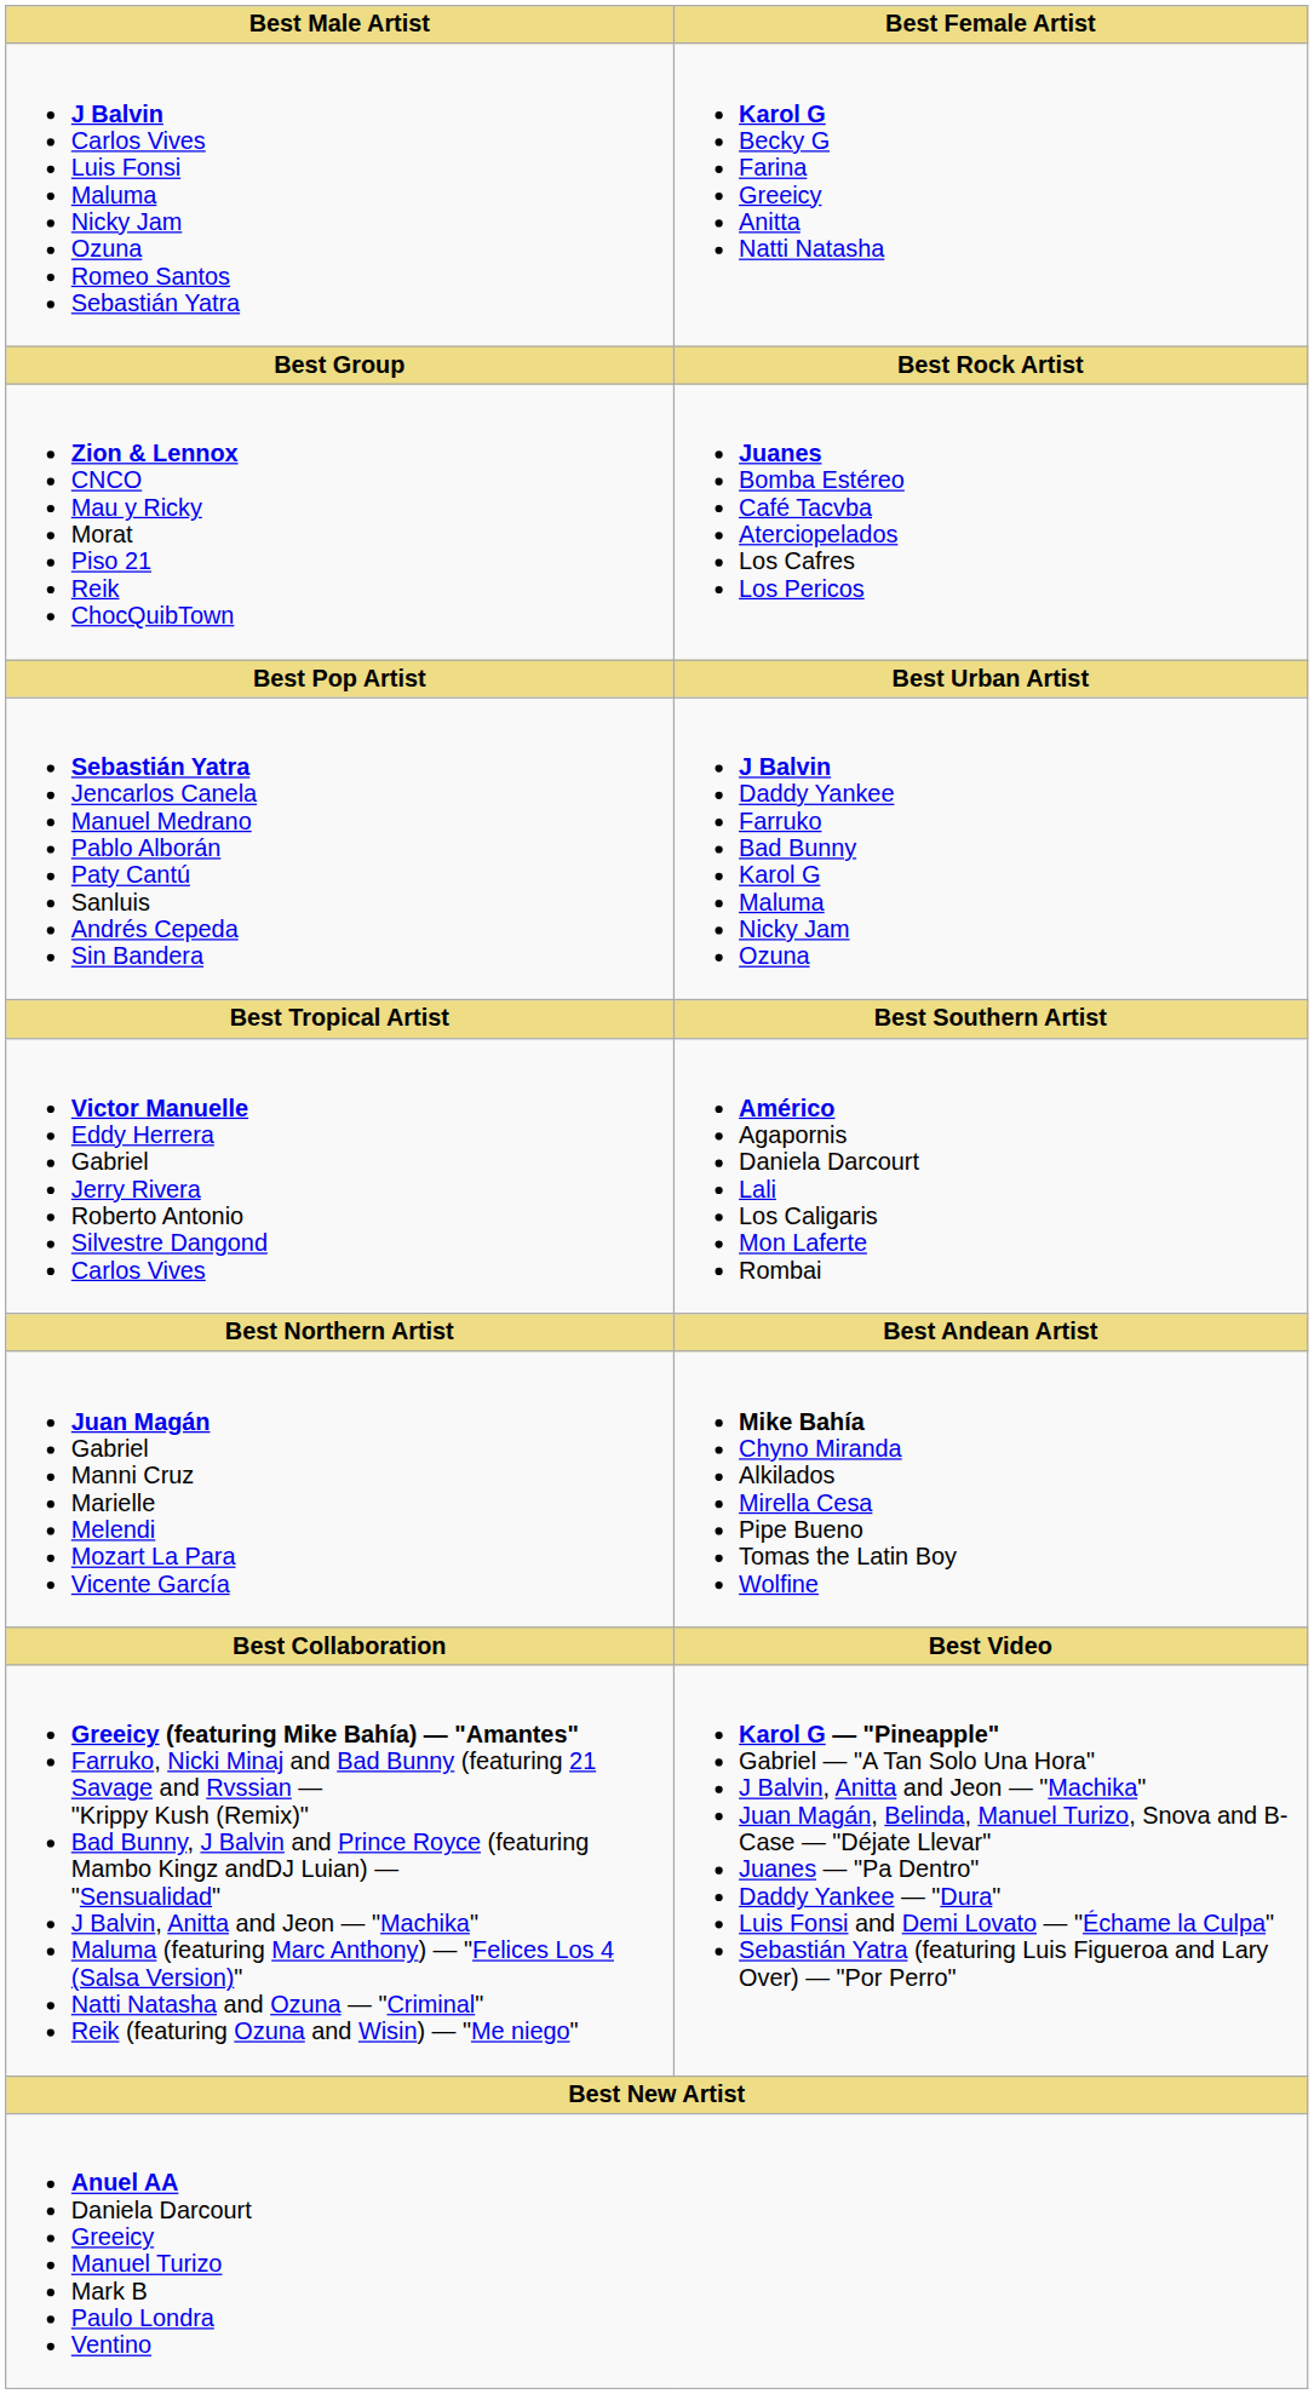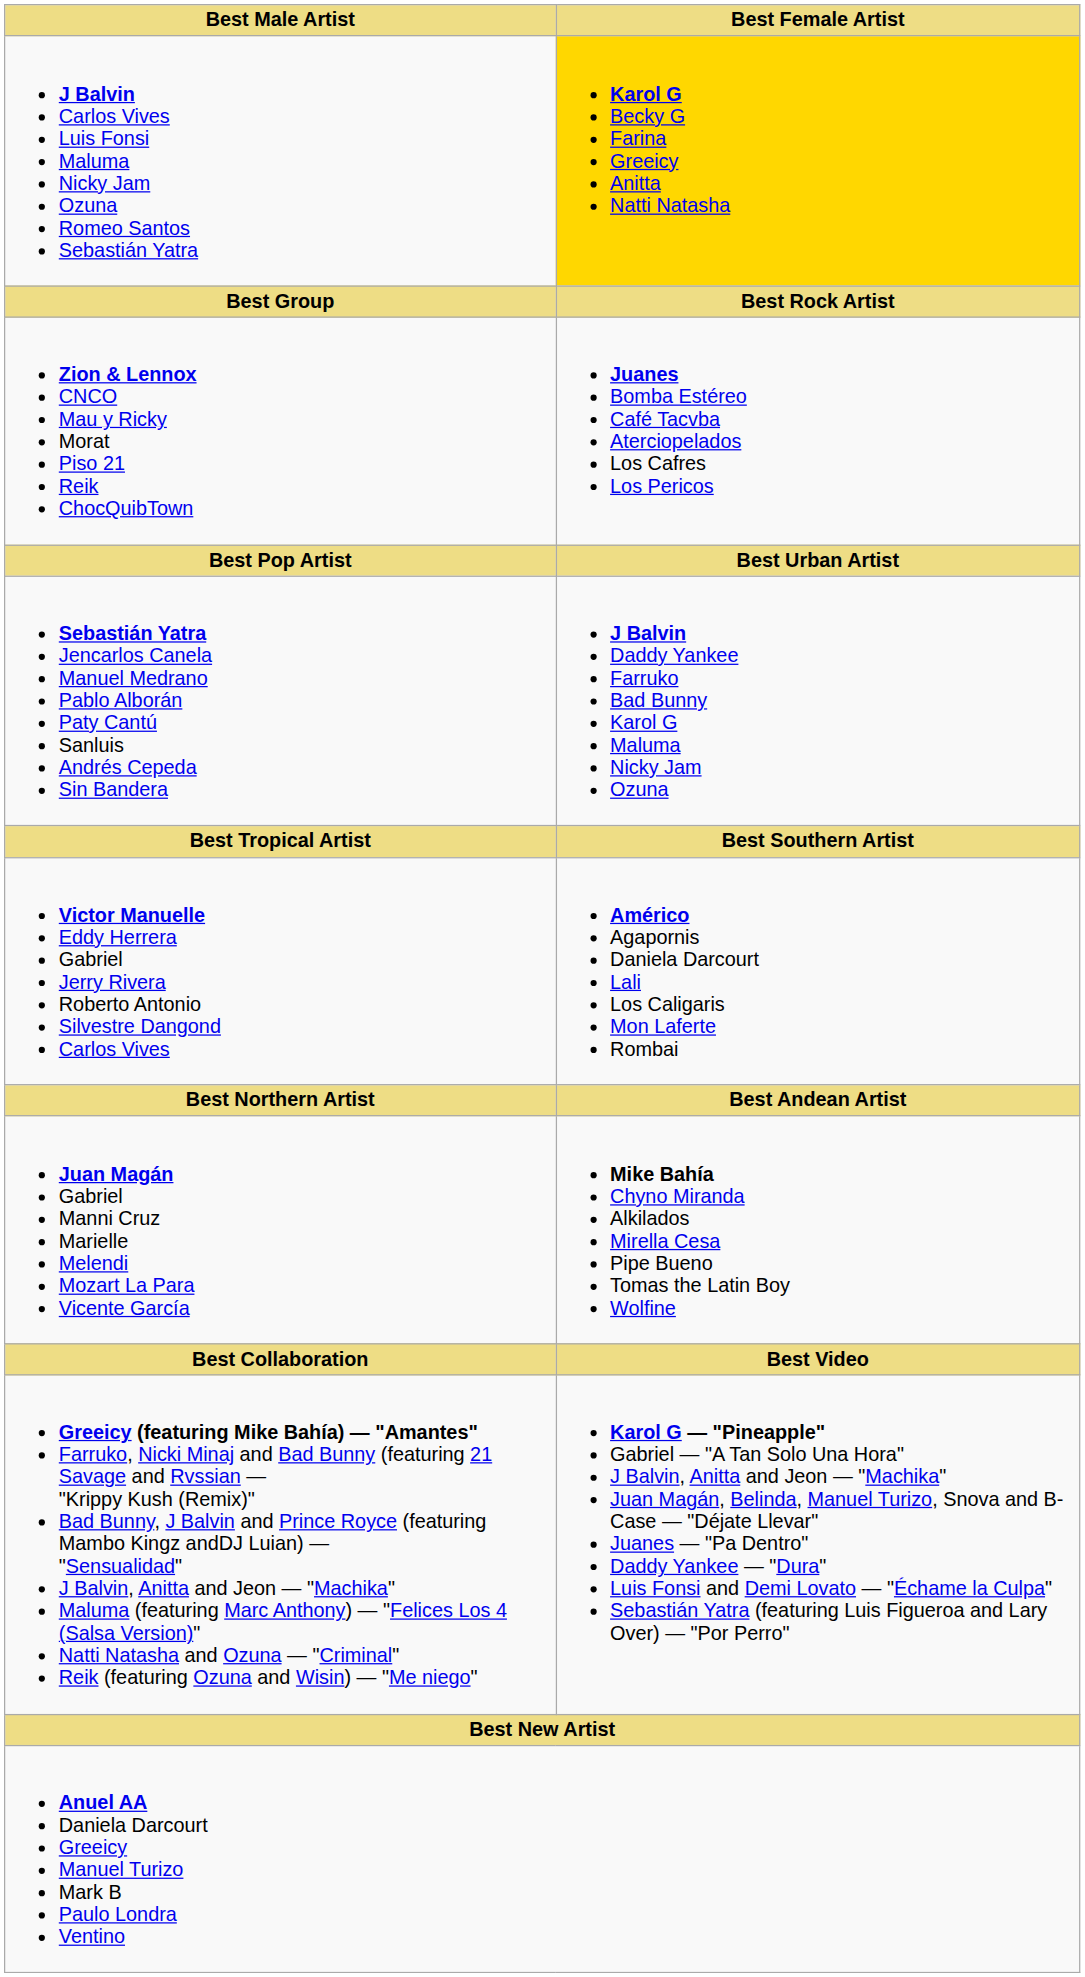 <table class=wikitable>
 <tr>
 <th style="background:#EEDD85; width=50%">Best Male Artist</th>
 <th style="background:#EEDD85; width=50%">Best Female Artist</th>
 </tr>
 <tr>
 <td valign="top"><br><ul><li><strong><a href='#'>J Balvin</a></strong></li><li><a href='#'>Carlos Vives</a></li><li><a href='#'>Luis Fonsi</a></li><li><a href='#'>Maluma</a></li><li><a href='#'>Nicky Jam</a></li><li><a href='#'>Ozuna</a></li><li><a href='#'>Romeo Santos</a></li><li><a href='#'>Sebastián Yatra</a></li></ul></td>
-<td valign="top"><br><ul><li><strong><a href='#'>Karol G</a></strong></li><li><a href='#'>Becky G</a></li><li><a href='#'>Farina</a></li><li><a href='#'>Greeicy</a></li><li><a href='#'>Anitta</a></li><li><a href='#'>Natti Natasha</a></li></ul></td>
+<td valign="top" style="background: gold;"><br><ul><li><strong><a href='#'>Karol G</a></strong></li><li><a href='#'>Becky G</a></li><li><a href='#'>Farina</a></li><li><a href='#'>Greeicy</a></li><li><a href='#'>Anitta</a></li><li><a href='#'>Natti Natasha</a></li></ul></td>
 </tr>
 <tr>
 <th style="background:#EEDD85; width=50%">Best Group</th>
 <th style="background:#EEDD85; width=50%">Best Rock Artist</th>
 </tr>
 <tr>
 <td valign="top"><br><ul><li><strong><a href='#'>Zion & Lennox</a></strong></li><li><a href='#'>CNCO</a></li><li><a href='#'>Mau y Ricky</a></li><li>Morat</li><li><a href='#'>Piso 21</a></li><li><a href='#'>Reik</a></li><li><a href='#'>ChocQuibTown</a></li></ul></td>
 <td valign="top"><br><ul><li><strong><a href='#'>Juanes</a></strong></li><li><a href='#'>Bomba Estéreo</a></li><li><a href='#'>Café Tacvba</a></li><li><a href='#'>Aterciopelados</a></li><li>Los Cafres</li><li><a href='#'>Los Pericos</a></li></ul></td>
 </tr>
 <tr>
 <th style="background:#EEDD85; width=50%">Best Pop Artist</th>
 <th style="background:#EEDD85; width=50%">Best Urban Artist</th>
 </tr>
 <tr>
 <td valign="top"><br><ul><li><strong><a href='#'>Sebastián Yatra</a></strong></li><li><a href='#'>Jencarlos Canela</a></li><li><a href='#'>Manuel Medrano</a></li><li><a href='#'>Pablo Alborán</a></li><li><a href='#'>Paty Cantú</a></li><li>Sanluis</li><li><a href='#'>Andrés Cepeda</a></li><li><a href='#'>Sin Bandera</a></li></ul></td>
 <td valign="top"><br><ul><li><strong><a href='#'>J Balvin</a></strong></li><li><a href='#'>Daddy Yankee</a></li><li><a href='#'>Farruko</a></li><li><a href='#'>Bad Bunny</a></li><li><a href='#'>Karol G</a></li><li><a href='#'>Maluma</a></li><li><a href='#'>Nicky Jam</a></li><li><a href='#'>Ozuna</a></li></ul></td>
 </tr>
 <tr>
 <th style="background:#EEDD85; width=50%">Best Tropical Artist</th>
 <th style="background:#EEDD85; width=50%">Best Southern Artist</th>
 </tr>
 <tr>
 <td valign="top"><br><ul><li><strong><a href='#'>Victor Manuelle</a></strong></li><li><a href='#'>Eddy Herrera</a></li><li>Gabriel</li><li><a href='#'>Jerry Rivera</a></li><li>Roberto Antonio</li><li><a href='#'>Silvestre Dangond</a></li><li><a href='#'>Carlos Vives</a></li></ul></td>
 <td valign="top"><br><ul><li><strong><a href='#'>Américo</a></strong></li><li>Agapornis</li><li>Daniela Darcourt</li><li><a href='#'>Lali</a></li><li>Los Caligaris</li><li><a href='#'>Mon Laferte</a></li><li>Rombai</li></ul></td>
 </tr>
 <tr>
 <th style="background:#EEDD85; width=50%">Best Northern Artist</th>
 <th style="background:#EEDD85; width=50%">Best Andean Artist</th>
 </tr>
 <tr>
 <td valign="top"><br><ul><li><strong><a href='#'>Juan Magán</a></strong></li><li>Gabriel</li><li>Manni Cruz</li><li>Marielle</li><li><a href='#'>Melendi</a></li><li><a href='#'>Mozart La Para</a></li><li><a href='#'>Vicente García</a></li></ul></td>
 <td valign="top"><br><ul><li><strong>Mike Bahía</strong></li><li><a href='#'>Chyno Miranda</a></li><li>Alkilados</li><li><a href='#'>Mirella Cesa</a></li><li>Pipe Bueno</li><li>Tomas the Latin Boy</li><li><a href='#'>Wolfine</a></li></ul></td>
 </tr>
 <tr>
 <th style="background:#EEDD85; width=50%">Best Collaboration</th>
 <th style="background:#EEDD85; width=50%">Best Video</th>
 </tr>
 <tr>
 <td valign="top"><br><ul><li><strong><a href='#'>Greeicy</a> (featuring Mike Bahía) — "Amantes"</strong></li><li><a href='#'>Farruko</a>, <a href='#'>Nicki Minaj</a> and <a href='#'>Bad Bunny</a> (featuring <a href='#'>21 Savage</a> and <a href='#'>Rvssian</a> — <br>"Krippy Kush (Remix)"</li><li><a href='#'>Bad Bunny</a>, <a href='#'>J Balvin</a> and <a href='#'>Prince Royce</a> (featuring Mambo Kingz andDJ Luian) —<br> "<a href='#'>Sensualidad</a>"</li><li><a href='#'>J Balvin</a>, <a href='#'>Anitta</a> and Jeon — "<a href='#'>Machika</a>"</li><li><a href='#'>Maluma</a> (featuring <a href='#'>Marc Anthony</a>) — "<a href='#'>Felices Los 4 (Salsa Version)</a>"</li><li><a href='#'>Natti Natasha</a> and <a href='#'>Ozuna</a> — "<a href='#'>Criminal</a>"</li><li><a href='#'>Reik</a> (featuring <a href='#'>Ozuna</a> and <a href='#'>Wisin</a>) — "<a href='#'>Me niego</a>"</li></ul></td>
 <td valign="top"><br><ul><li><strong><a href='#'>Karol G</a> — "Pineapple"</strong></li><li>Gabriel — "A Tan Solo Una Hora"</li><li><a href='#'>J Balvin</a>, <a href='#'>Anitta</a> and Jeon — "<a href='#'>Machika</a>"</li><li><a href='#'>Juan Magán</a>, <a href='#'>Belinda</a>, <a href='#'>Manuel Turizo</a>, Snova and B-Case — "Déjate Llevar"</li><li><a href='#'>Juanes</a> — "Pa Dentro"</li><li><a href='#'>Daddy Yankee</a> — "<a href='#'>Dura</a>"</li><li><a href='#'>Luis Fonsi</a> and <a href='#'>Demi Lovato</a> — "<a href='#'>Échame la Culpa</a>"</li><li><a href='#'>Sebastián Yatra</a> (featuring Luis Figueroa and Lary Over) — "Por Perro"</li></ul></td>
 </tr>
 <tr>
 <th style="background:#EEDD85; width=50%" colspan="2">Best New Artist</th>
 </tr>
 <tr>
 <td valign="top" colspan="2"><br><ul><li><strong><a href='#'>Anuel AA</a></strong></li><li>Daniela Darcourt</li><li><a href='#'>Greeicy</a></li><li><a href='#'>Manuel Turizo</a></li><li>Mark B</li><li><a href='#'>Paulo Londra</a></li><li><a href='#'>Ventino</a></li></ul></td>
 </tr>
 </table>
